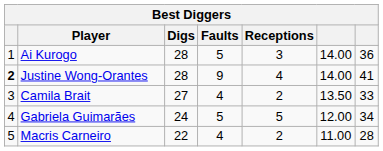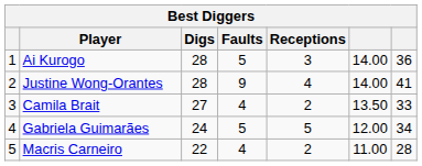 <table class="wikitable sortable" style=font-size:90%>
 <tr>
 <th colspan=7>Best Diggers</th>
 </tr>
 <tr>
 <th></th>
 <th width=158>Player</th>
 <th width=20>Digs</th>
 <th width=20>Faults</th>
 <th width=20>Receptions</th>
 <th width=20></th>
 <th width=20></th>
 </tr>
 <tr>
 <td>1</td>
 <td> <a href='#'>Ai Kurogo</a></td>
 <td align=center>28</td>
 <td align=center>5</td>
 <td align=center>3</td>
 <td align=center>14.00</td>
 <td align=center>36</td>
 </tr>
 <tr>
-<td><strong>2</strong></td>
+<td>2</td>
 <td> <a href='#'>Justine Wong-Orantes</a></td>
 <td align=center>28</td>
 <td align=center>9</td>
 <td align=center>4</td>
 <td align=center>14.00</td>
 <td align=center>41</td>
 </tr>
 <tr>
 <td>3</td>
 <td> <a href='#'>Camila Brait</a></td>
 <td align=center>27</td>
 <td align=center>4</td>
 <td align=center>2</td>
 <td align=center>13.50</td>
 <td align=center>33</td>
 </tr>
 <tr>
 <td>4</td>
 <td> <a href='#'>Gabriela Guimarães</a></td>
 <td align=center>24</td>
 <td align=center>5</td>
 <td align=center>5</td>
 <td align=center>12.00</td>
 <td align=center>34</td>
 </tr>
 <tr>
 <td>5</td>
 <td> <a href='#'>Macris Carneiro</a></td>
 <td align=center>22</td>
 <td align=center>4</td>
 <td align=center>2</td>
 <td align=center>11.00</td>
 <td align=center>28</td>
 </tr>
 </table>
